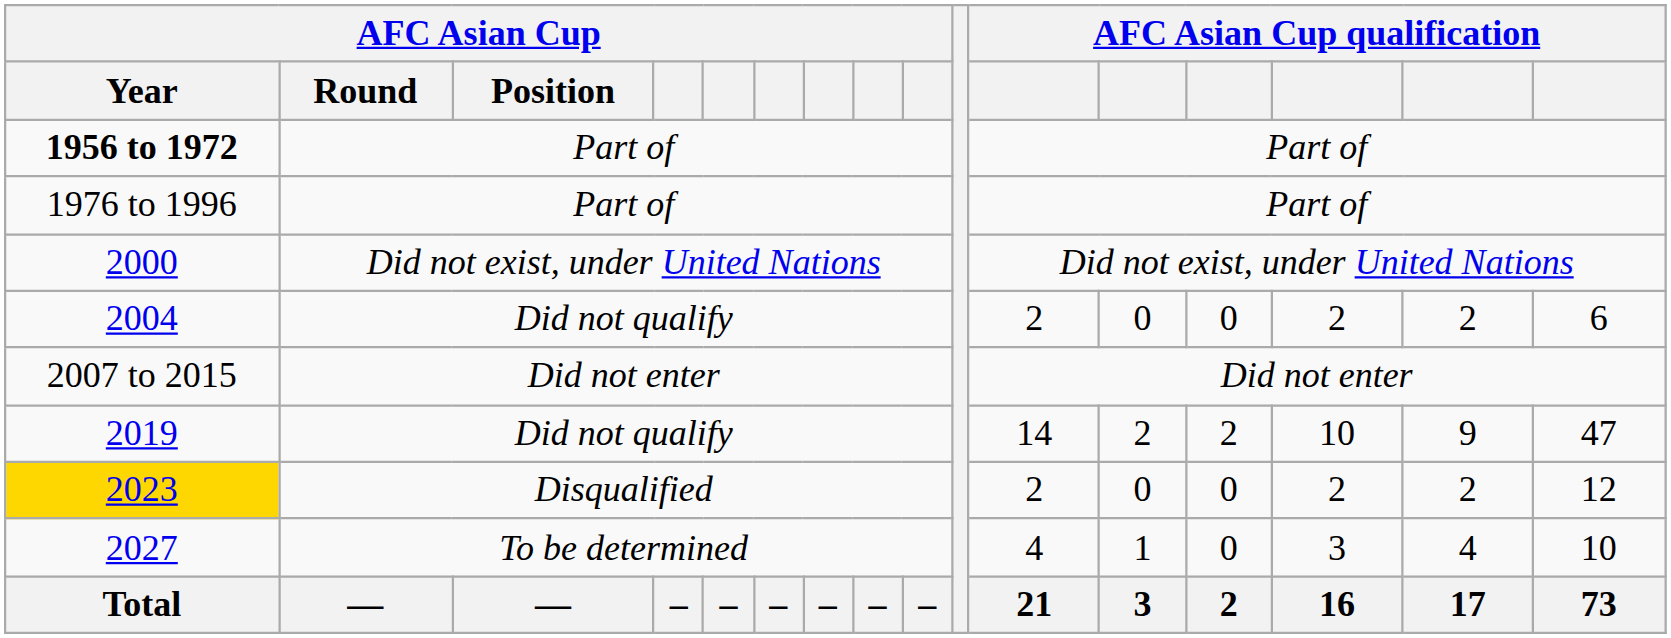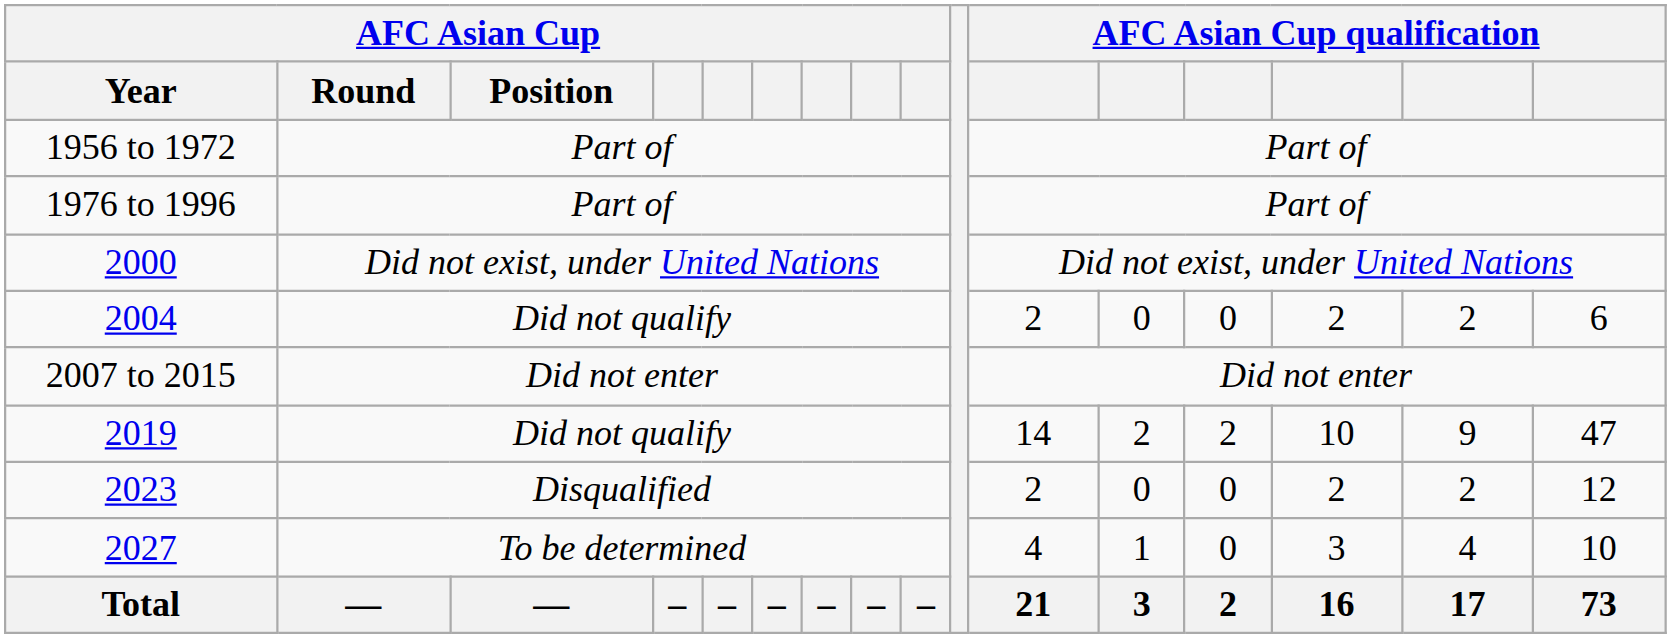 <table class="wikitable" style="text-align: center;">
 <tr>
 <th colspan=9><a href='#'>AFC Asian Cup</a></th>
 <th width=1% rowspan=39></th>
 <th colspan="6"><a href='#'>AFC Asian Cup qualification</a></th>
 </tr>
 <tr>
 <th>Year</th>
 <th>Round</th>
 <th>Position</th>
 <th></th>
 <th></th>
 <th></th>
 <th></th>
 <th></th>
 <th></th>
 <th></th>
 <th></th>
 <th></th>
 <th></th>
 <th></th>
 <th></th>
 </tr>
 <tr>
-<td><strong>1956 to 1972</strong></td>
+<td>1956 to 1972</td>
 <td colspan=9><em>Part of </em></td>
 <td colspan="7"><em>Part of </em></td>
 </tr>
 <tr>
 <td>1976 to 1996</td>
 <td colspan=9><em>Part of </em></td>
 <td colspan="7"><em>Part of </em></td>
 </tr>
 <tr>
 <td> <a href='#'>2000</a></td>
 <td colspan=9><em>Did not exist, under  <a href='#'>United Nations</a></em></td>
 <td colspan="7"><em>Did not exist, under  <a href='#'>United Nations</a></em></td>
 </tr>
 <tr>
 <td> <a href='#'>2004</a></td>
 <td rowspan=1 colspan=9><em>Did not qualify</em></td>
 <td>2</td>
 <td>0</td>
 <td>0</td>
 <td>2</td>
 <td>2</td>
 <td>6</td>
 </tr>
 <tr>
 <td>2007 to 2015</td>
 <td colspan=9><em>Did not enter</em></td>
 <td colspan=6><em>Did not enter</em></td>
 </tr>
 <tr>
 <td> <a href='#'>2019</a></td>
 <td colspan="9"><em>Did not qualify</em></td>
 <td>14</td>
 <td>2</td>
 <td>2</td>
 <td>10</td>
 <td>9</td>
 <td>47</td>
 </tr>
 <tr>
-<td style="background: gold;"> <a href='#'>2023</a></td>
+<td> <a href='#'>2023</a></td>
 <td colspan="9"><em>Disqualified</em></td>
 <td>2</td>
 <td>0</td>
 <td>0</td>
 <td>2</td>
 <td>2</td>
 <td>12</td>
 </tr>
 <tr>
 <td> <a href='#'>2027</a></td>
 <td colspan="9"><em>To be determined</em></td>
 <td>4</td>
 <td>1</td>
 <td>0</td>
 <td>3</td>
 <td>4</td>
 <td>10</td>
 </tr>
 <tr>
 <th><strong>Total</strong></th>
 <th>—</th>
 <th>—</th>
 <th><strong>–</strong></th>
 <th><strong>–</strong></th>
 <th><strong>–</strong></th>
 <th><strong>–</strong></th>
 <th><strong>–</strong></th>
 <th><strong>–</strong></th>
 <th><strong>21</strong></th>
 <th><strong>3</strong></th>
 <th><strong>2</strong></th>
 <th><strong>16</strong></th>
 <th><strong>17</strong></th>
 <th>73</th>
 </tr>
 </table>
